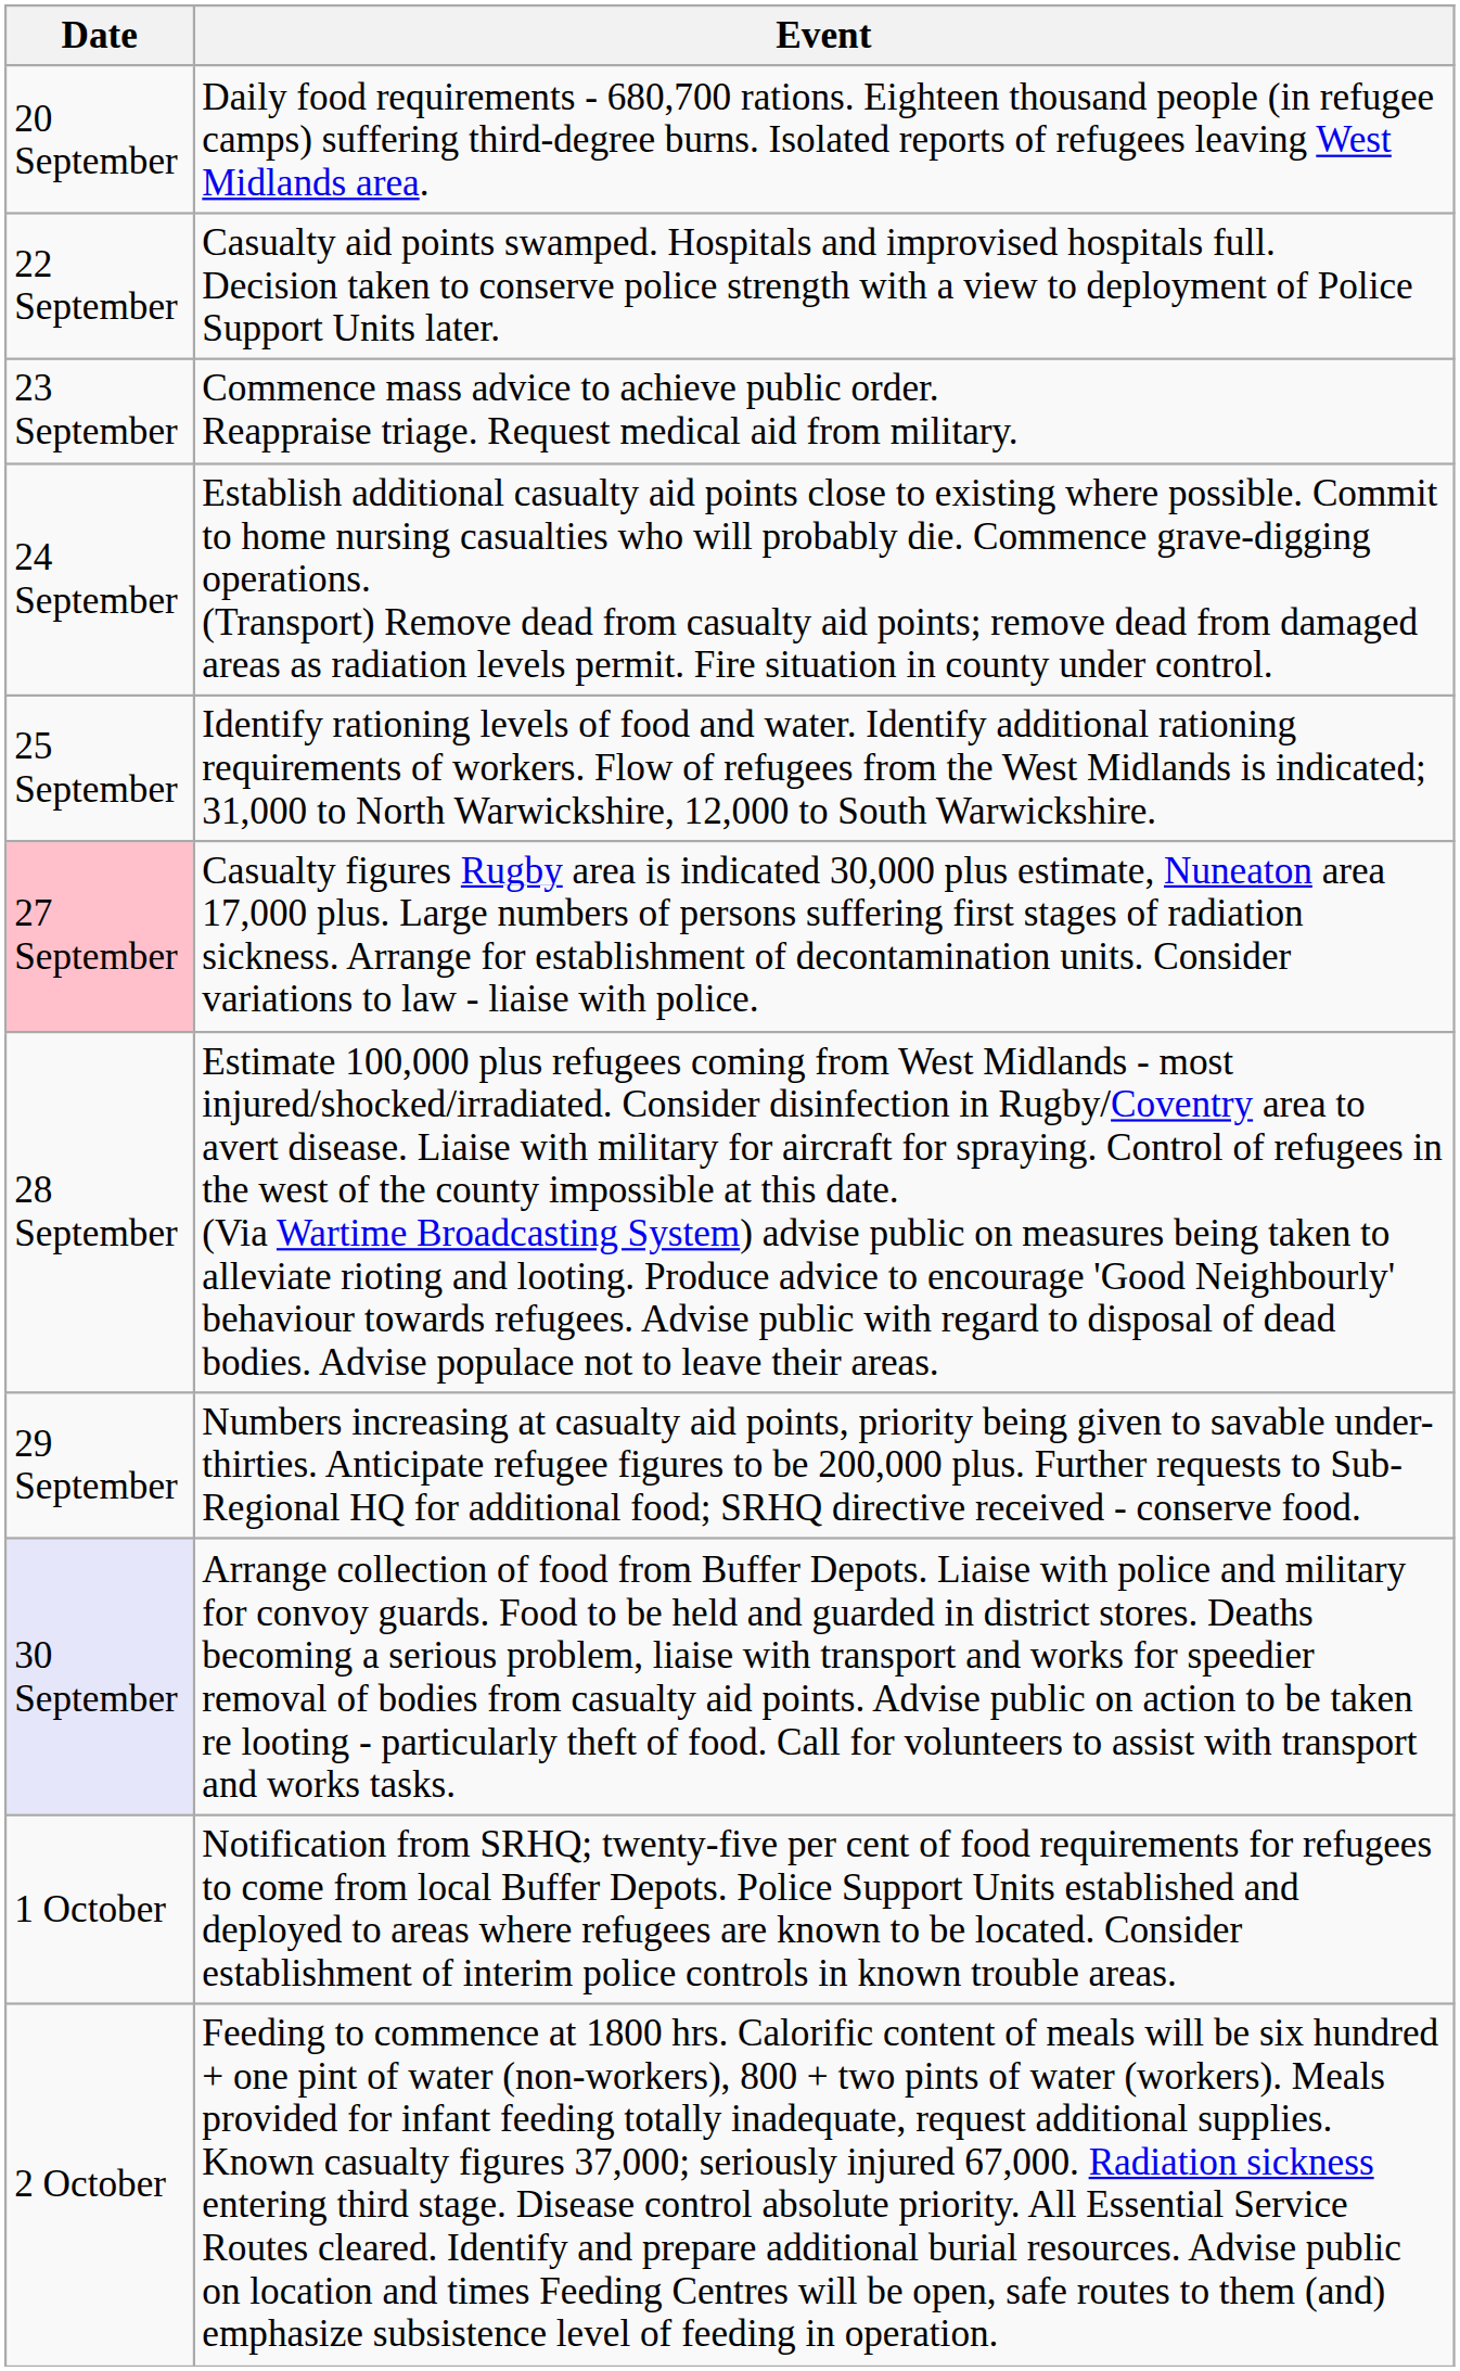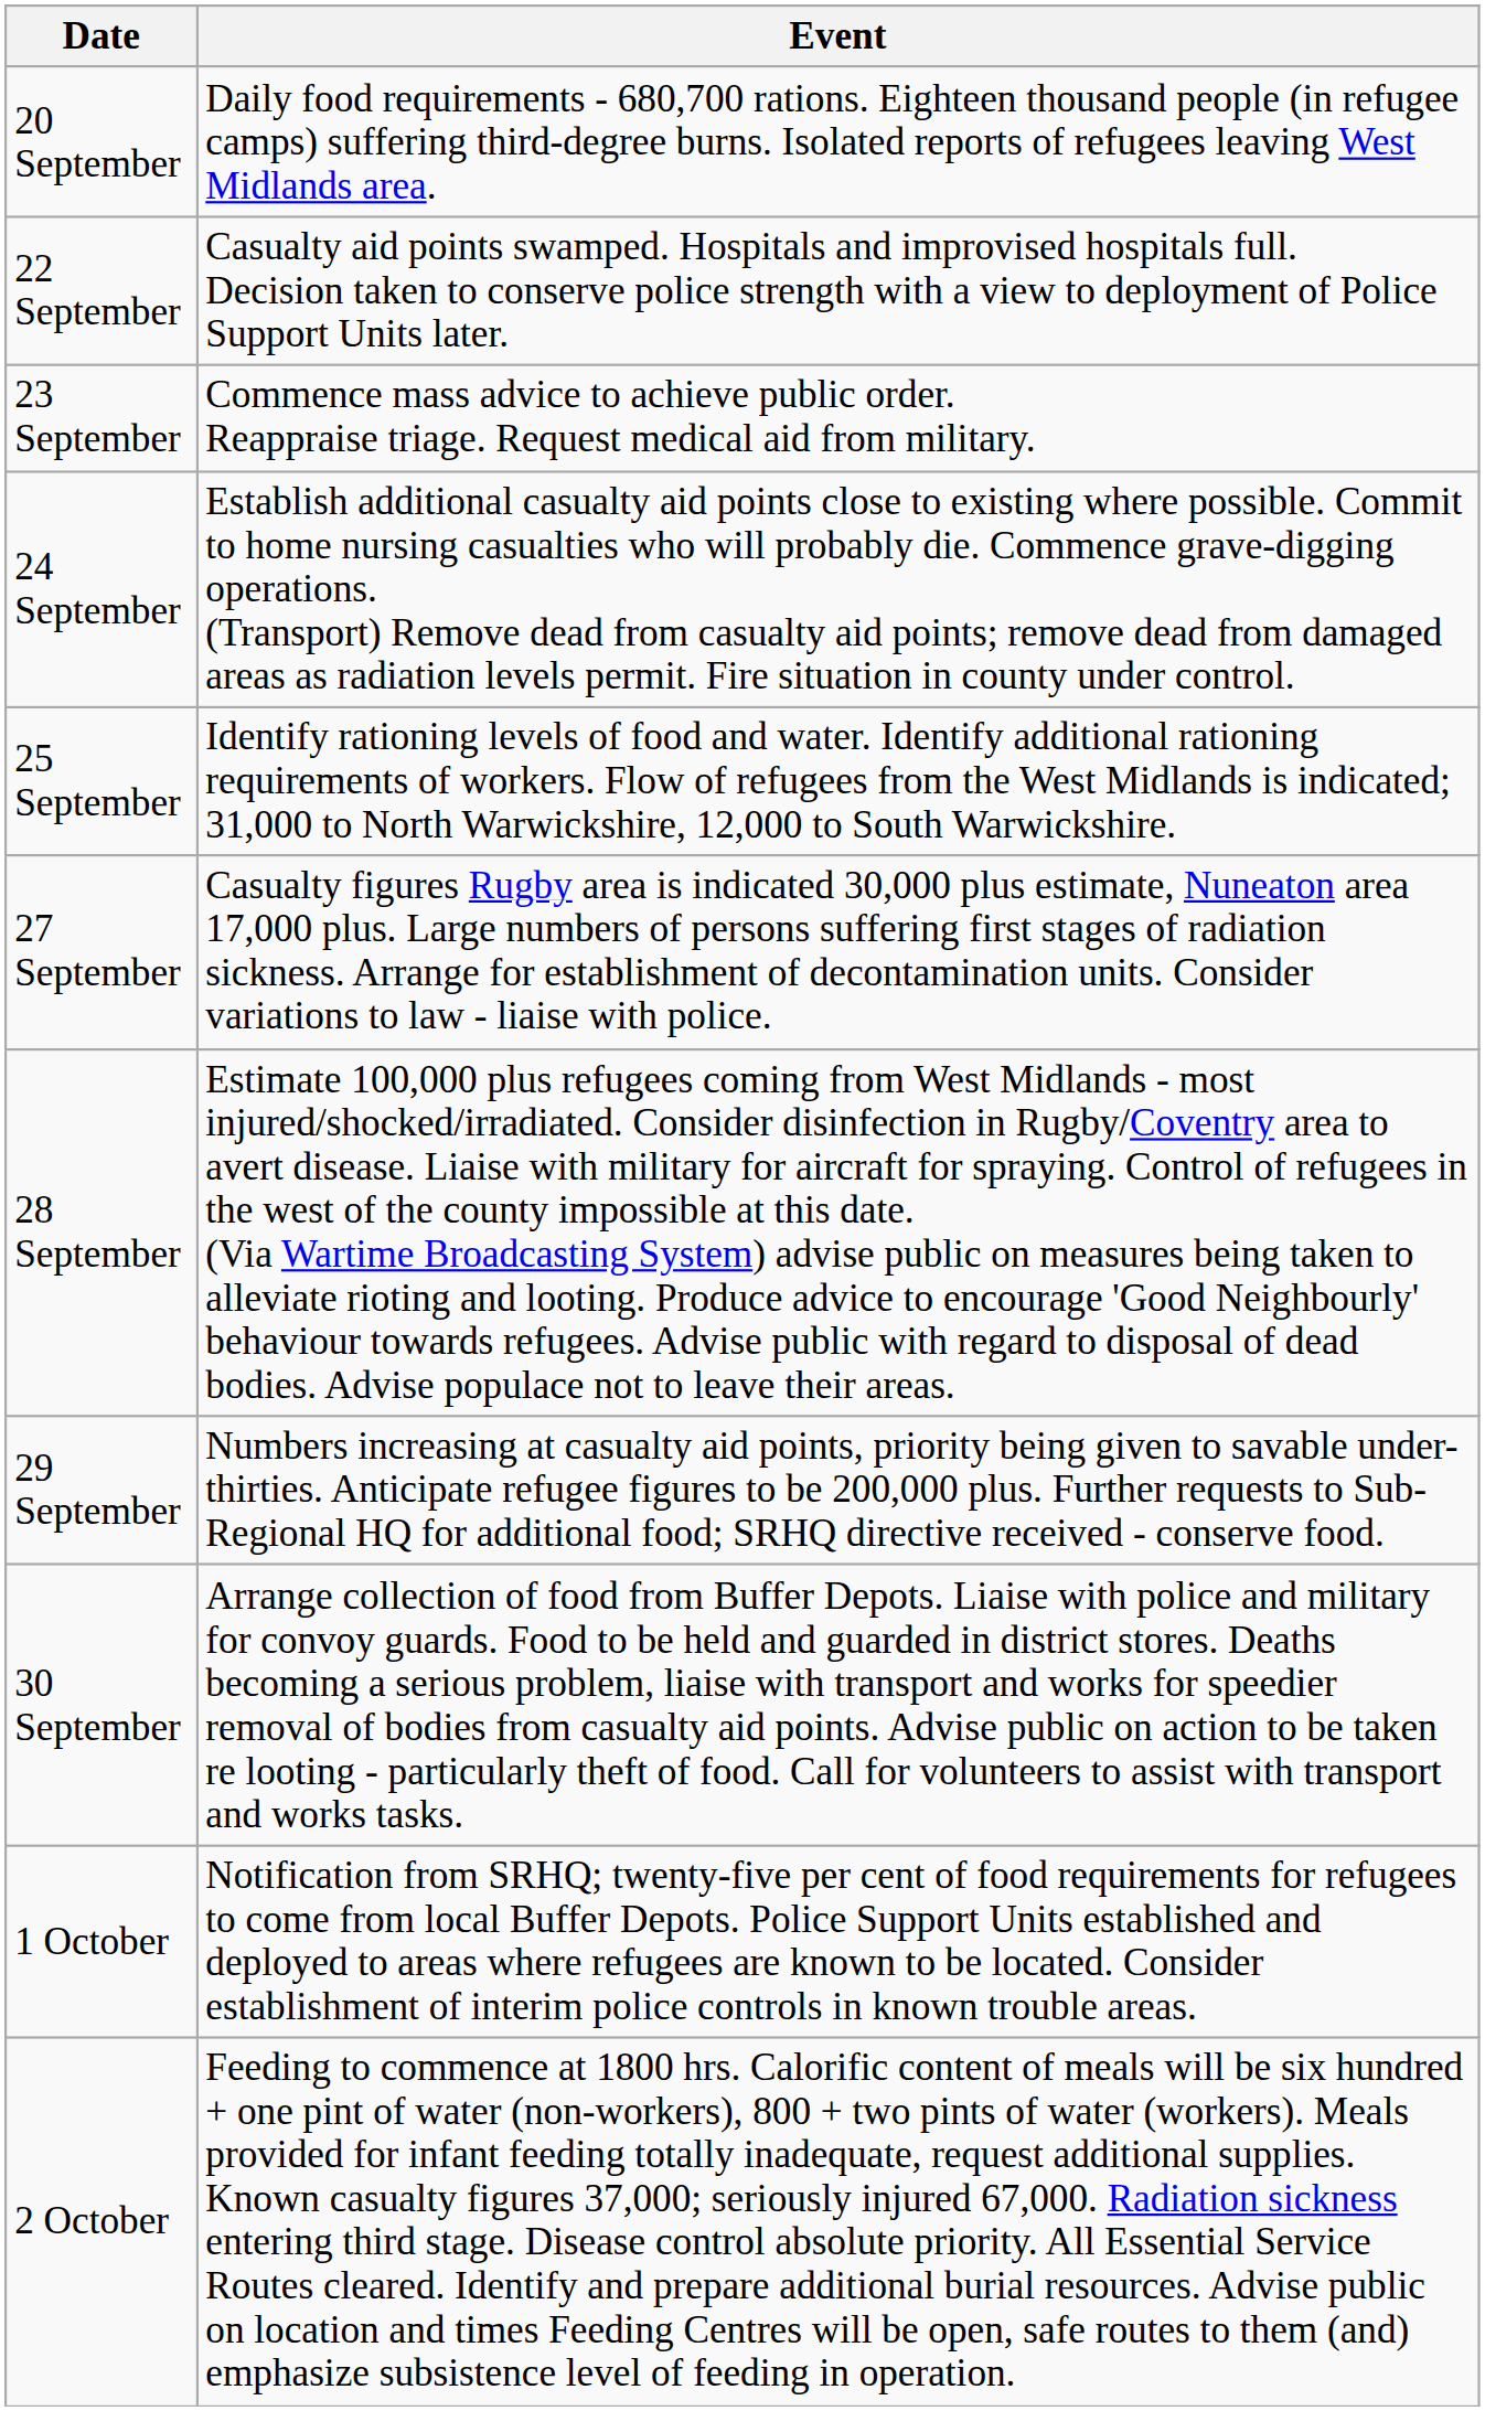 <table class="wikitable">
 <tr>
 <th>Date</th>
 <th>Event</th>
 </tr>
 <tr>
 <td>20 September</td>
 <td>Daily food requirements - 680,700 rations. Eighteen thousand people (in refugee camps) suffering third-degree burns. Isolated reports of refugees leaving <a href='#'>West Midlands area</a>.</td>
 </tr>
 <tr>
 <td>22 September</td>
 <td>Casualty aid points swamped. Hospitals and improvised hospitals full.<br>Decision taken to conserve police strength with a view to deployment of Police Support Units later.</td>
 </tr>
 <tr>
 <td>23 September</td>
 <td>Commence mass advice to achieve public order.<br>Reappraise triage. Request medical aid from military.</td>
 </tr>
 <tr>
 <td>24 September</td>
 <td>Establish additional casualty aid points close to existing where possible. Commit to home nursing casualties who will probably die. Commence grave-digging operations.<br>(Transport) Remove dead from casualty aid points; remove dead from damaged areas as radiation levels permit. Fire situation in county under control.</td>
 </tr>
 <tr>
 <td>25 September</td>
 <td>Identify rationing levels of food and water. Identify additional rationing requirements of workers. Flow of refugees from the West Midlands is indicated; 31,000 to North Warwickshire, 12,000 to South Warwickshire.</td>
 </tr>
 <tr>
-<td style="background: pink;">27 September</td>
+<td>27 September</td>
 <td>Casualty figures <a href='#'>Rugby</a> area is indicated 30,000 plus estimate, <a href='#'>Nuneaton</a> area 17,000 plus. Large numbers of persons suffering first stages of radiation sickness. Arrange for establishment of decontamination units. Consider variations to law - liaise with police.</td>
 </tr>
 <tr>
 <td>28 September</td>
 <td>Estimate 100,000 plus refugees coming from West Midlands - most injured/shocked/irradiated. Consider disinfection in Rugby/<a href='#'>Coventry</a> area to avert disease. Liaise with military for aircraft for spraying. Control of refugees in the west of the county impossible at this date.<br>(Via <a href='#'>Wartime Broadcasting System</a>) advise public on measures being taken to alleviate rioting and looting. Produce advice to encourage 'Good Neighbourly' behaviour towards refugees. Advise public with regard to disposal of dead bodies. Advise populace not to leave their areas.</td>
 </tr>
 <tr>
 <td>29 September</td>
 <td>Numbers increasing at casualty aid points, priority being given to savable under-thirties. Anticipate refugee figures to be 200,000 plus. Further requests to Sub-Regional HQ for additional food; SRHQ directive received - conserve food.</td>
 </tr>
 <tr>
-<td style="background: lavender;">30 September</td>
+<td>30 September</td>
 <td>Arrange collection of food from Buffer Depots. Liaise with police and military for convoy guards. Food to be held and guarded in district stores. Deaths becoming a serious problem, liaise with transport and works for speedier removal of bodies from casualty aid points. Advise public on action to be taken re looting - particularly theft of food. Call for volunteers to assist with transport and works tasks.</td>
 </tr>
 <tr>
 <td>1 October</td>
 <td>Notification from SRHQ; twenty-five per cent of food requirements for refugees to come from local Buffer Depots. Police Support Units established and deployed to areas where refugees are known to be located. Consider establishment of interim police controls in known trouble areas.</td>
 </tr>
 <tr>
 <td>2 October</td>
 <td>Feeding to commence at 1800 hrs. Calorific content of meals will be six hundred + one pint of water (non-workers), 800 + two pints of water (workers). Meals provided for infant feeding totally inadequate, request additional supplies.<br>Known casualty figures 37,000; seriously injured 67,000. <a href='#'>Radiation sickness</a> entering third stage. Disease control absolute priority. All Essential Service Routes cleared. Identify and prepare additional burial resources. Advise public on location and times Feeding Centres will be open, safe routes to them (and) emphasize subsistence level of feeding in operation.</td>
 </tr>
 </table>
